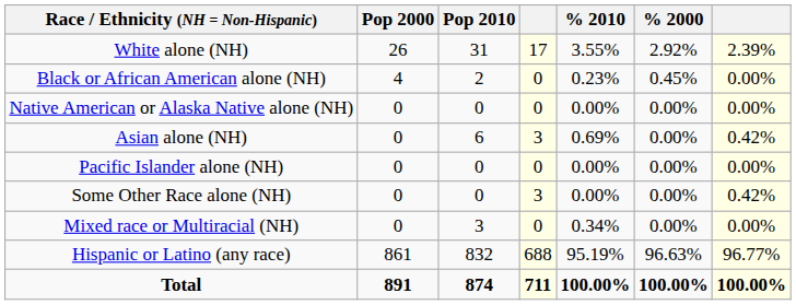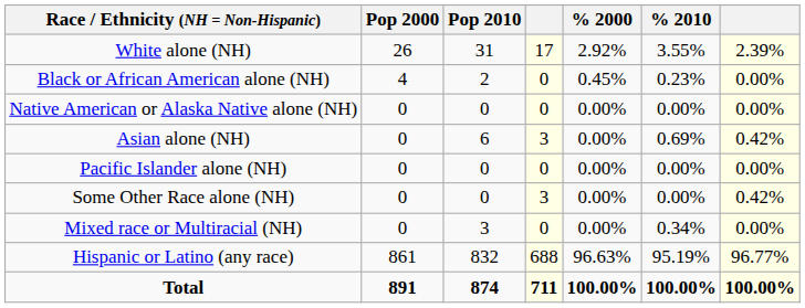 <table class="wikitable" style="text-align:center;">
 <tr>
 <th>Race / Ethnicity <small>(<em>NH = Non-Hispanic</em>)</small></th>
 <th>Pop 2000</th>
 <th>Pop 2010</th>
 <th></th>
+<th>% 2000</th>
 <th>% 2010</th>
-<th>% 2000</th>
 <th></th>
 </tr>
 <tr>
 <td><a href='#'>White</a> alone (NH)</td>
 <td>26</td>
 <td>31</td>
 <td style='background: #ffffe6;'>17</td>
+<td>2.92%</td>
 <td>3.55%</td>
-<td>2.92%</td>
 <td style='background: #ffffe6;'>2.39%</td>
 </tr>
 <tr>
 <td><a href='#'>Black or African American</a> alone (NH)</td>
 <td>4</td>
 <td>2</td>
 <td style='background: #ffffe6;'>0</td>
+<td>0.45%</td>
 <td>0.23%</td>
-<td>0.45%</td>
 <td style='background: #ffffe6;'>0.00%</td>
 </tr>
 <tr>
 <td><a href='#'>Native American</a> or <a href='#'>Alaska Native</a> alone (NH)</td>
 <td>0</td>
 <td>0</td>
 <td style='background: #ffffe6;'>0</td>
 <td>0.00%</td>
 <td>0.00%</td>
 <td style='background: #ffffe6;'>0.00%</td>
 </tr>
 <tr>
 <td><a href='#'>Asian</a> alone (NH)</td>
 <td>0</td>
 <td>6</td>
 <td style='background: #ffffe6;'>3</td>
+<td>0.00%</td>
 <td>0.69%</td>
-<td>0.00%</td>
 <td style='background: #ffffe6;'>0.42%</td>
 </tr>
 <tr>
 <td><a href='#'>Pacific Islander</a> alone (NH)</td>
 <td>0</td>
 <td>0</td>
 <td style='background: #ffffe6;'>0</td>
 <td>0.00%</td>
 <td>0.00%</td>
 <td style='background: #ffffe6;'>0.00%</td>
 </tr>
 <tr>
 <td>Some Other Race alone (NH)</td>
 <td>0</td>
 <td>0</td>
 <td style='background: #ffffe6;'>3</td>
 <td>0.00%</td>
 <td>0.00%</td>
 <td style='background: #ffffe6;'>0.42%</td>
 </tr>
 <tr>
 <td><a href='#'>Mixed race or Multiracial</a> (NH)</td>
 <td>0</td>
 <td>3</td>
 <td style='background: #ffffe6;'>0</td>
+<td>0.00%</td>
 <td>0.34%</td>
-<td>0.00%</td>
 <td style='background: #ffffe6;'>0.00%</td>
 </tr>
 <tr>
 <td><a href='#'>Hispanic or Latino</a> (any race)</td>
 <td>861</td>
 <td>832</td>
 <td style='background: #ffffe6;'>688</td>
+<td>96.63%</td>
 <td>95.19%</td>
-<td>96.63%</td>
 <td style='background: #ffffe6;'>96.77%</td>
 </tr>
 <tr>
 <td><strong>Total</strong></td>
 <td><strong>891</strong></td>
 <td><strong>874</strong></td>
 <td style='background: #ffffe6;'><strong>711</strong></td>
 <td><strong>100.00%</strong></td>
 <td><strong>100.00%</strong></td>
 <td style='background: #ffffe6;'><strong>100.00%</strong></td>
 </tr>
 </table>
